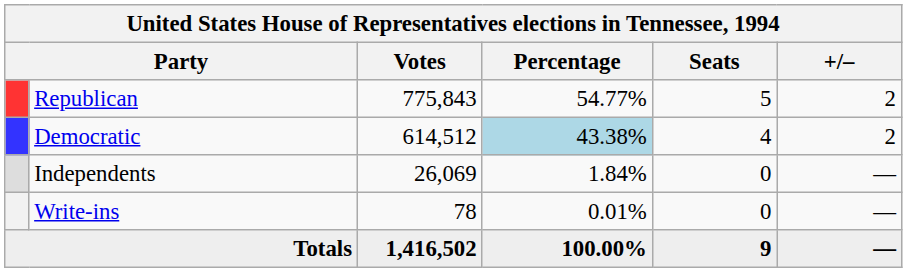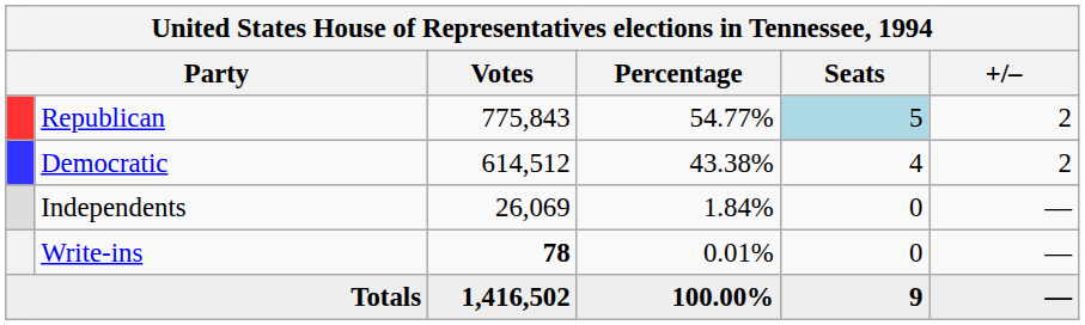 <table class="wikitable" style="font-size: 95%;">
 <tr>
 <th colspan="6">United States House of Representatives elections in Tennessee, 1994</th>
 </tr>
 <tr>
 <th colspan="2" style="width: 15em">Party</th>
 <th style="width: 5em">Votes</th>
 <th style="width: 7em">Percentage</th>
 <th style="width: 5em">Seats</th>
 <th style="width: 5em">+/–</th>
 </tr>
 <tr>
 <th style="background-color:#FF3333; width: 3px"></th>
 <td style="width: 130px"><a href='#'>Republican</a></td>
 <td align="right">775,843</td>
 <td align="right">54.77%</td>
-<td align="right">5</td>
+<td align="right" style="background: lightblue;">5</td>
 <td align="right"> 2</td>
 </tr>
 <tr>
 <th style="background-color:#3333FF; width: 3px"></th>
 <td style="width: 130px"><a href='#'>Democratic</a></td>
 <td align="right">614,512</td>
-<td align="right" style="background: lightblue;">43.38%</td>
+<td align="right">43.38%</td>
 <td align="right">4</td>
 <td align="right"> 2</td>
 </tr>
 <tr>
 <th style="background-color:#DDDDDD; width: 3px"></th>
 <td style="width: 130px">Independents</td>
 <td align="right">26,069</td>
 <td align="right">1.84%</td>
 <td align="right">0</td>
 <td align="right">—</td>
 </tr>
 <tr>
 <th></th>
 <td><a href='#'>Write-ins</a></td>
-<td align="right">78</td>
+<td align="right"><strong>78</strong></td>
 <td align="right">0.01%</td>
 <td align="right">0</td>
 <td align="right">—</td>
 </tr>
 <tr bgcolor="#EEEEEE">
 <td colspan="2" align="right"><strong>Totals</strong></td>
 <td align="right"><strong>1,416,502</strong></td>
 <td align="right"><strong>100.00%</strong></td>
 <td align="right"><strong>9</strong></td>
 <td align="right"><strong>—</strong></td>
 </tr>
 </table>
